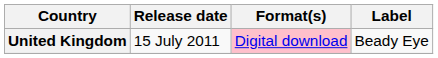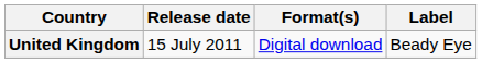 <table class="wikitable plainrowheaders">
 <tr>
 <th scope="col">Country</th>
 <th scope="col">Release date</th>
 <th scope="col">Format(s)</th>
 <th scope="col">Label</th>
 </tr>
 <tr>
 <th scope="row">United Kingdom</th>
 <td>15 July 2011</td>
-<td style="background: pink;"><a href='#'>Digital download</a></td>
+<td><a href='#'>Digital download</a></td>
 <td>Beady Eye</td>
 </tr>
 <tr>
 </tr>
 </table>
